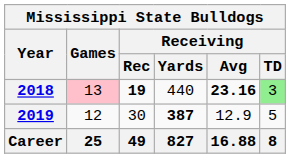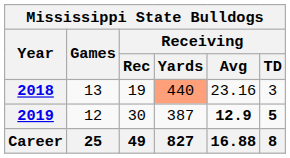 <table class="wikitable" style="text-align:center;">
 <tr>
 <th colspan="15">Mississippi State Bulldogs</th>
 </tr>
 <tr>
 <th rowspan="2">Year</th>
 <th rowspan="2">Games</th>
 <th colspan="4">Receiving</th>
 </tr>
 <tr>
 <th>Rec</th>
 <th>Yards</th>
 <th>Avg</th>
 <th>TD</th>
 </tr>
 <tr>
 <th><a href='#'>2018</a></th>
-<td style="background: pink;">13</td>
-<td><strong>19</strong></td>
-<td>440</td>
-<td><strong>23.16</strong></td>
-<td style="background: lightgreen;">3</td>
+<td>13</td>
+<td>19</td>
+<td style="background: lightsalmon;">440</td>
+<td>23.16</td>
+<td>3</td>
 </tr>
 <tr>
 <th><a href='#'>2019</a></th>
 <td>12</td>
 <td>30</td>
-<td><strong>387</strong></td>
-<td>12.9</td>
-<td>5</td>
+<td>387</td>
+<td><strong>12.9</strong></td>
+<td><strong>5</strong></td>
 </tr>
 <tr>
 <th>Career</th>
 <th>25</th>
 <th>49</th>
 <th>827</th>
 <th>16.88</th>
 <th>8</th>
 </tr>
 </table>
